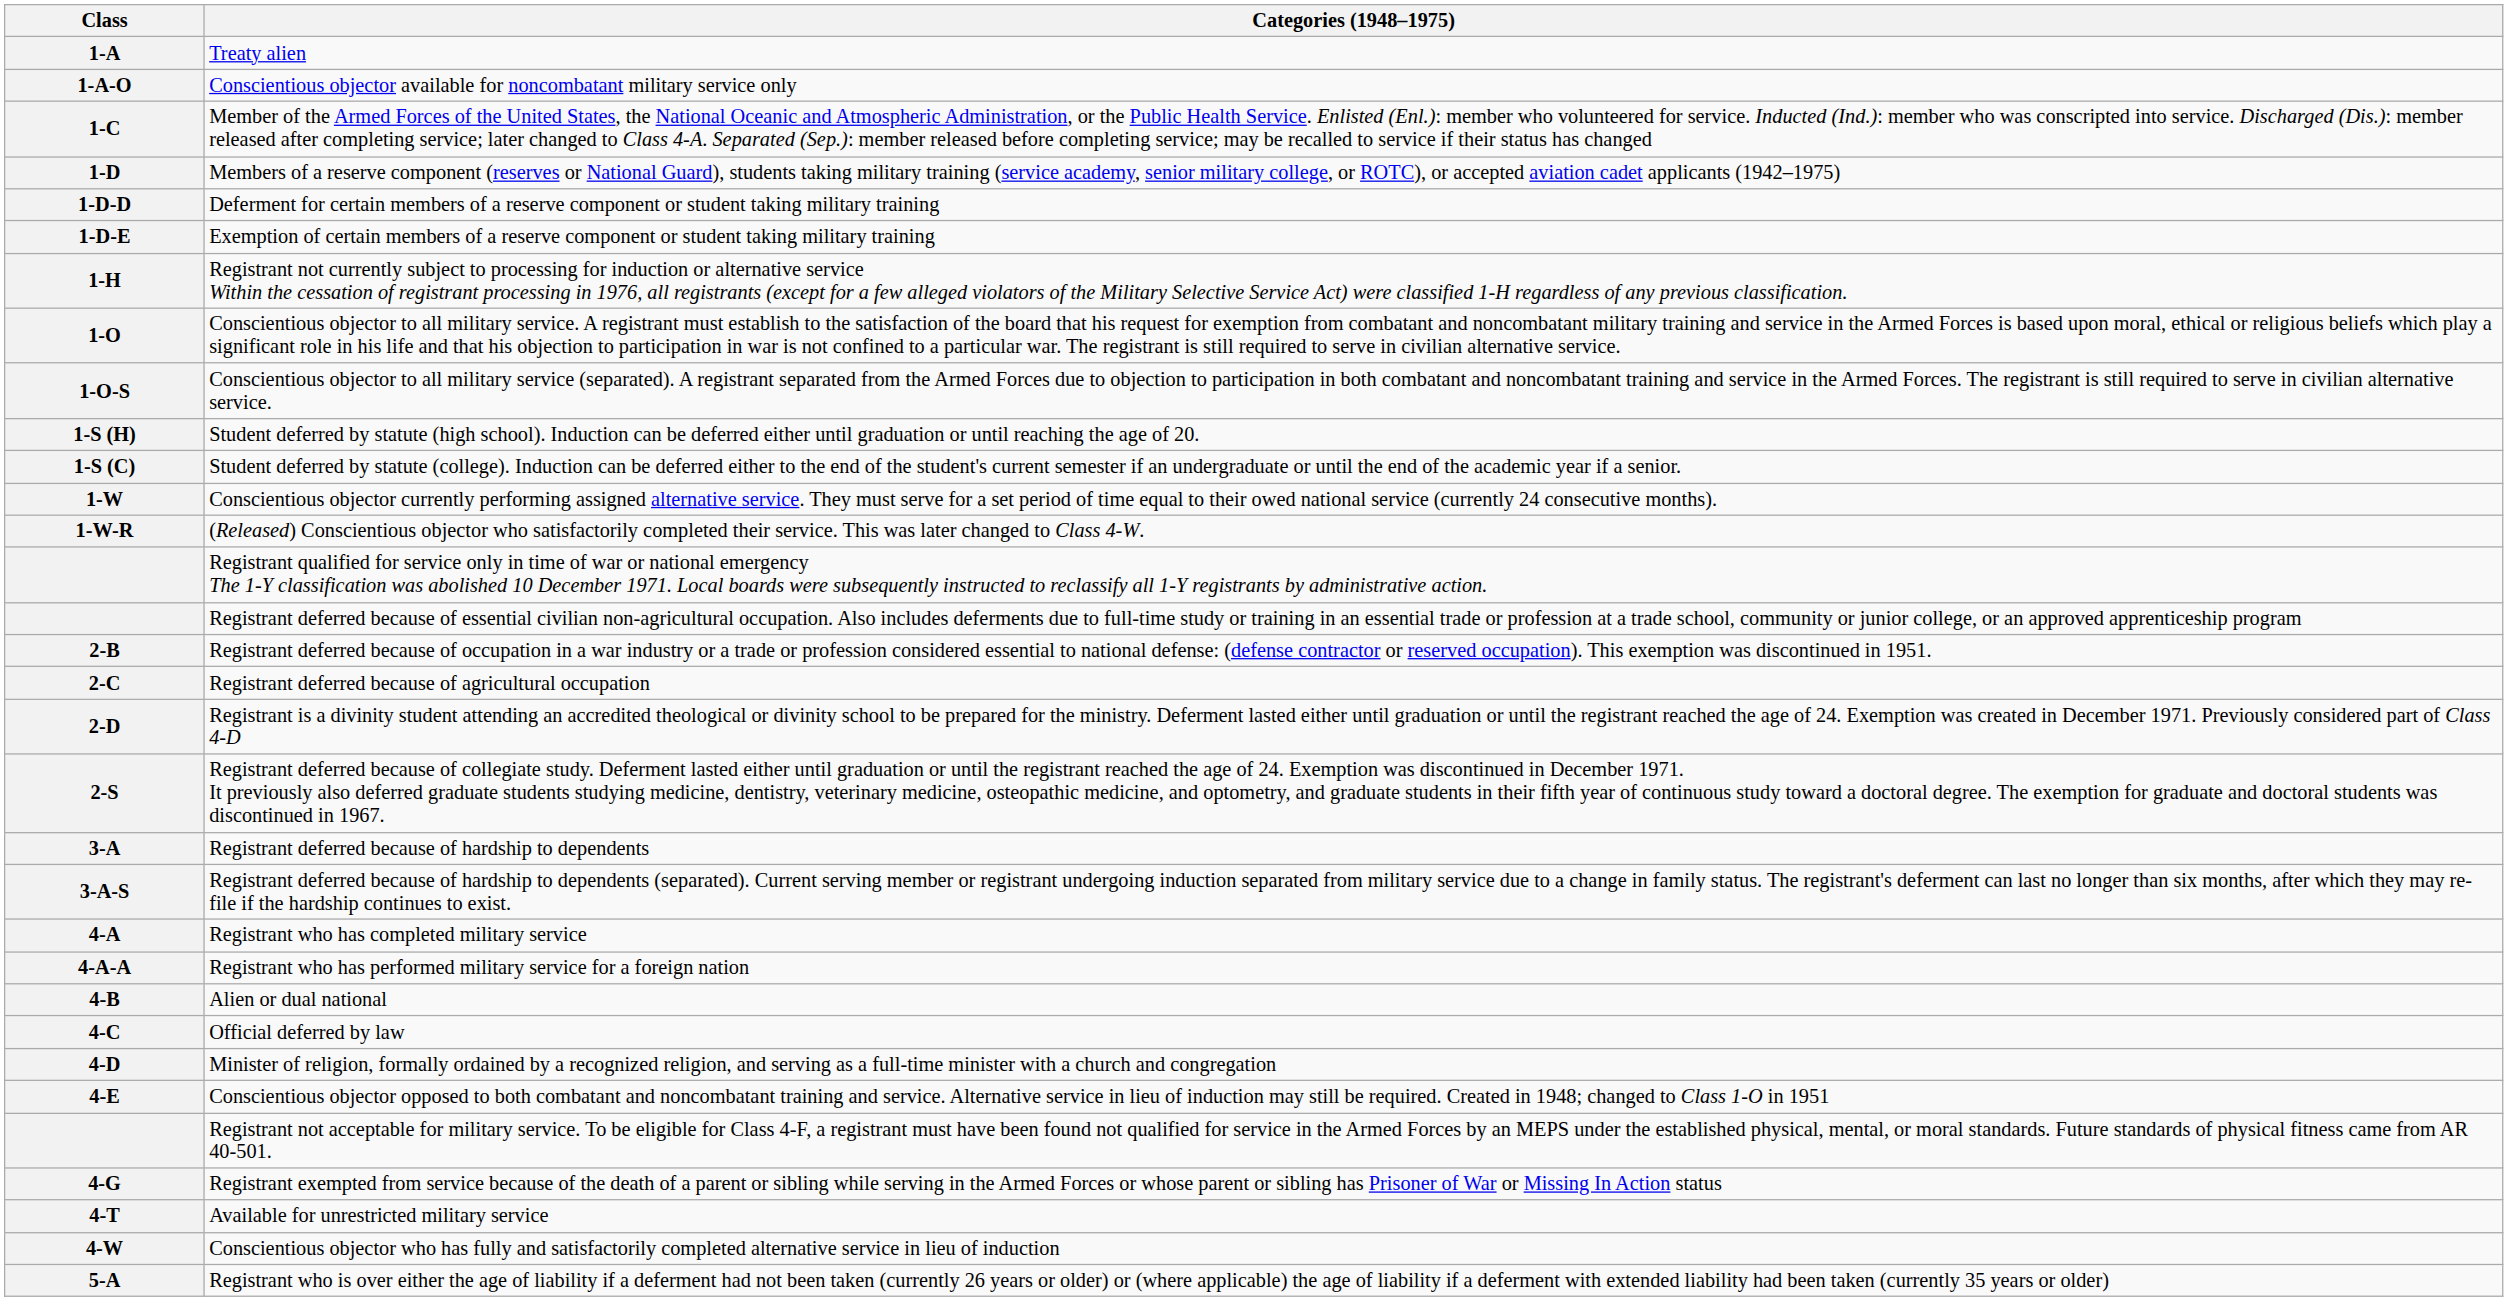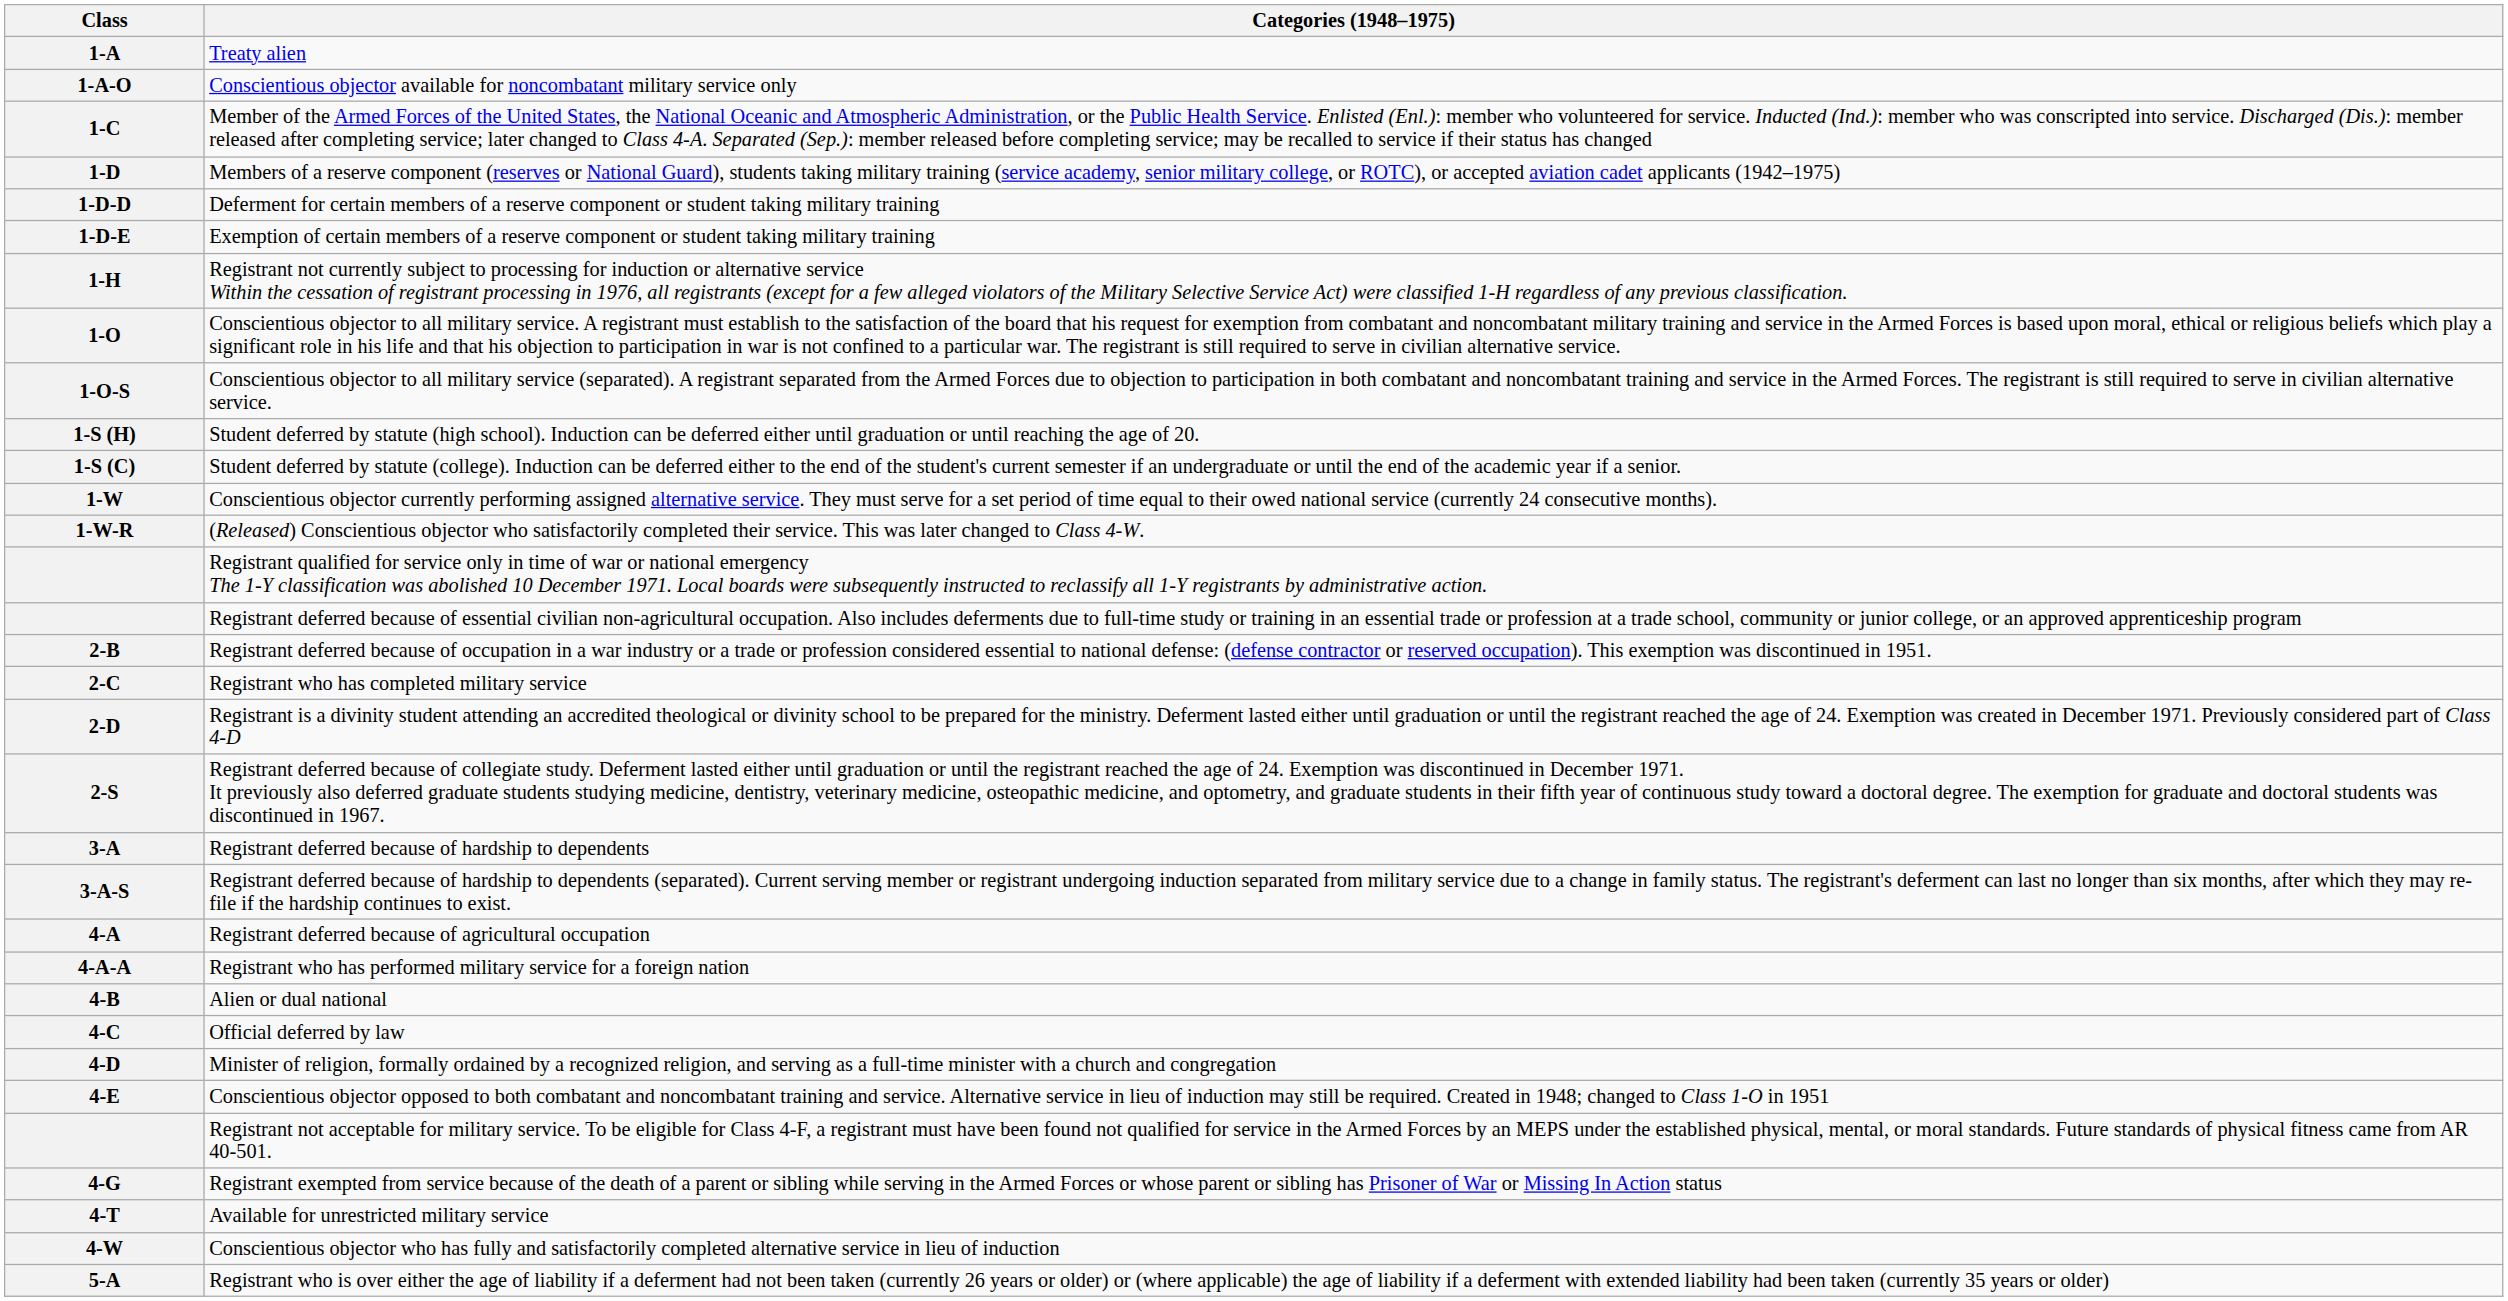 <table class="wikitable">
 <tr>
 <th style="width:8%;">Class</th>
 <th>Categories (1948–1975)</th>
 </tr>
 <tr>
 <th>1-A</th>
 <td><a href='#'>Treaty alien</a></td>
 </tr>
 <tr>
 <th>1-A-O</th>
 <td><a href='#'>Conscientious objector</a> available for <a href='#'>noncombatant</a> military service only</td>
 </tr>
 <tr>
 <th>1-C</th>
 <td>Member of the <a href='#'>Armed Forces of the United States</a>, the <a href='#'>National Oceanic and Atmospheric Administration</a>, or the <a href='#'>Public Health Service</a>. <em>Enlisted</em> <em>(Enl.)</em>: member who volunteered for service. <em>Inducted</em> <em>(Ind.)</em>: member who was conscripted into service. <em>Discharged</em> <em>(Dis.)</em>: member released after completing service; later changed to <em>Class 4-A</em>. <em>Separated</em> <em>(Sep.)</em>: member released before completing service; may be recalled to service if their status has changed</td>
 </tr>
 <tr>
 <th>1-D</th>
 <td>Members of a reserve component (<a href='#'>reserves</a> or <a href='#'>National Guard</a>), students taking military training (<a href='#'>service academy</a>, <a href='#'>senior military college</a>, or <a href='#'>ROTC</a>), or accepted <a href='#'>aviation cadet</a> applicants (1942–1975)</td>
 </tr>
 <tr>
 <th>1-D-D</th>
 <td>Deferment for certain members of a reserve component or student taking military training</td>
 </tr>
 <tr>
 <th>1-D-E</th>
 <td>Exemption of certain members of a reserve component or student taking military training</td>
 </tr>
 <tr>
 <th>1-H</th>
 <td>Registrant not currently subject to processing for induction or alternative service<br><em>Within the cessation of registrant processing in 1976, all registrants (except for a few alleged violators of the Military Selective Service Act) were classified 1-H regardless of any previous classification.</em></td>
 </tr>
 <tr>
 <th>1-O</th>
 <td>Conscientious objector to all military service. A registrant must establish to the satisfaction of the board that his request for exemption from combatant and noncombatant military training and service in the Armed Forces is based upon moral, ethical or religious beliefs which play a significant role in his life and that his objection to participation in war is not confined to a particular war. The registrant is still required to serve in civilian alternative service.</td>
 </tr>
 <tr>
 <th>1-O-S</th>
 <td>Conscientious objector to all military service (separated). A registrant separated from the Armed Forces due to objection to participation in both combatant and noncombatant training and service in the Armed Forces. The registrant is still required to serve in civilian alternative service.</td>
 </tr>
 <tr>
 <th>1-S (H)</th>
 <td>Student deferred by statute (high school). Induction can be deferred either until graduation or until reaching the age of 20.</td>
 </tr>
 <tr>
 <th>1-S (C)</th>
 <td>Student deferred by statute (college). Induction can be deferred either to the end of the student's current semester if an undergraduate or until the end of the academic year if a senior.</td>
 </tr>
 <tr>
 <th>1-W</th>
 <td>Conscientious objector currently performing assigned <a href='#'>alternative service</a>. They must serve for a set period of time equal to their owed national service (currently 24 consecutive months).</td>
 </tr>
 <tr>
 <th>1-W-R</th>
 <td>(<em>Released</em>) Conscientious objector who satisfactorily completed their service. This was later changed to <em>Class 4-W</em>.</td>
 </tr>
 <tr>
 <th></th>
 <td>Registrant qualified for service only in time of war or national emergency<br><em>The 1-Y classification was abolished 10 December 1971. Local boards were subsequently instructed to reclassify all 1-Y registrants by administrative action.</em></td>
 </tr>
 <tr>
 <th></th>
 <td>Registrant deferred because of essential civilian non-agricultural occupation. Also includes deferments due to full-time study or training in an essential trade or profession at a trade school, community or junior college, or an approved apprenticeship program</td>
 </tr>
 <tr>
 <th>2-B</th>
 <td>Registrant deferred because of occupation in a war industry or a trade or profession considered essential to national defense: (<a href='#'>defense contractor</a> or <a href='#'>reserved occupation</a>). This exemption was discontinued in 1951.</td>
 </tr>
 <tr>
 <th>2-C</th>
-<td>Registrant deferred because of agricultural occupation</td>
+<td>Registrant who has completed military service</td>
 </tr>
 <tr>
 <th>2-D</th>
 <td>Registrant is a divinity student attending an accredited theological or divinity school to be prepared for the ministry. Deferment lasted either until graduation or until the registrant reached the age of 24. Exemption was created in December 1971. Previously considered part of <em>Class 4-D</em></td>
 </tr>
 <tr>
 <th>2-S</th>
 <td>Registrant deferred because of collegiate study. Deferment lasted either until graduation or until the registrant reached the age of 24. Exemption was discontinued in December 1971.<br>It previously also deferred graduate students studying medicine, dentistry, veterinary medicine, osteopathic medicine, and optometry, and graduate students in their fifth year of continuous study toward a doctoral degree. The exemption for graduate and doctoral students was discontinued in 1967.</td>
 </tr>
 <tr>
 <th>3-A</th>
 <td>Registrant deferred because of hardship to dependents</td>
 </tr>
 <tr>
 <th>3-A-S</th>
 <td>Registrant deferred because of hardship to dependents (separated). Current serving member or registrant undergoing induction separated from military service due to a change in family status. The registrant's deferment can last no longer than six months, after which they may re-file if the hardship continues to exist.</td>
 </tr>
 <tr>
 <th>4-A</th>
-<td>Registrant who has completed military service</td>
+<td>Registrant deferred because of agricultural occupation</td>
 </tr>
 <tr>
 <th>4-A-A</th>
 <td>Registrant who has performed military service for a foreign nation</td>
 </tr>
 <tr>
 <th>4-B</th>
 <td>Alien or dual national</td>
 </tr>
 <tr>
 <th>4-C</th>
 <td>Official deferred by law</td>
 </tr>
 <tr>
 <th>4-D</th>
 <td>Minister of religion, formally ordained by a recognized religion, and serving as a full-time minister with a church and congregation</td>
 </tr>
 <tr>
 <th>4-E</th>
 <td>Conscientious objector opposed to both combatant and noncombatant training and service. Alternative service in lieu of induction may still be required. Created in 1948; changed to <em>Class 1-O</em> in 1951</td>
 </tr>
 <tr>
 <th></th>
 <td>Registrant not acceptable for military service. To be eligible for Class 4-F, a registrant must have been found not qualified for service in the Armed Forces by an MEPS under the established physical, mental, or moral standards. Future standards of physical fitness came from AR 40-501.</td>
 </tr>
 <tr>
 <th>4-G</th>
 <td>Registrant exempted from service because of the death of a parent or sibling while serving in the Armed Forces or whose parent or sibling has <a href='#'>Prisoner of War</a> or <a href='#'>Missing In Action</a> status</td>
 </tr>
 <tr>
 <th>4-T</th>
 <td>Available for unrestricted military service</td>
 </tr>
 <tr>
 <th>4-W</th>
 <td>Conscientious objector who has fully and satisfactorily completed alternative service in lieu of induction</td>
 </tr>
 <tr>
 <th>5-A</th>
 <td>Registrant who is over either the age of liability if a deferment had not been taken (currently 26 years or older) or (where applicable) the age of liability if a deferment with extended liability had been taken (currently 35 years or older)</td>
 </tr>
 </table>
